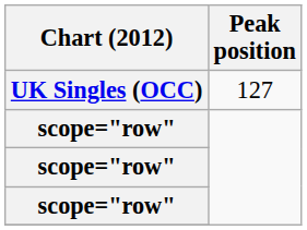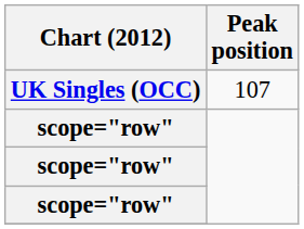 <table class="wikitable sortable plainrowheaders">
 <tr>
 <th scope="col">Chart (2012)</th>
 <th scope="col">Peak<br>position</th>
 </tr>
 <tr>
 <th scope="row"><a href='#'>UK Singles</a> (<a href='#'>OCC</a>)</th>
-<td align="center">127</td>
+<td align="center">107</td>
 </tr>
 <tr>
 <th>scope="row" </th>
 </tr>
 <tr>
 <th>scope="row" </th>
 </tr>
 <tr>
 <th>scope="row" </th>
 </tr>
 <tr>
 </tr>
 </table>
